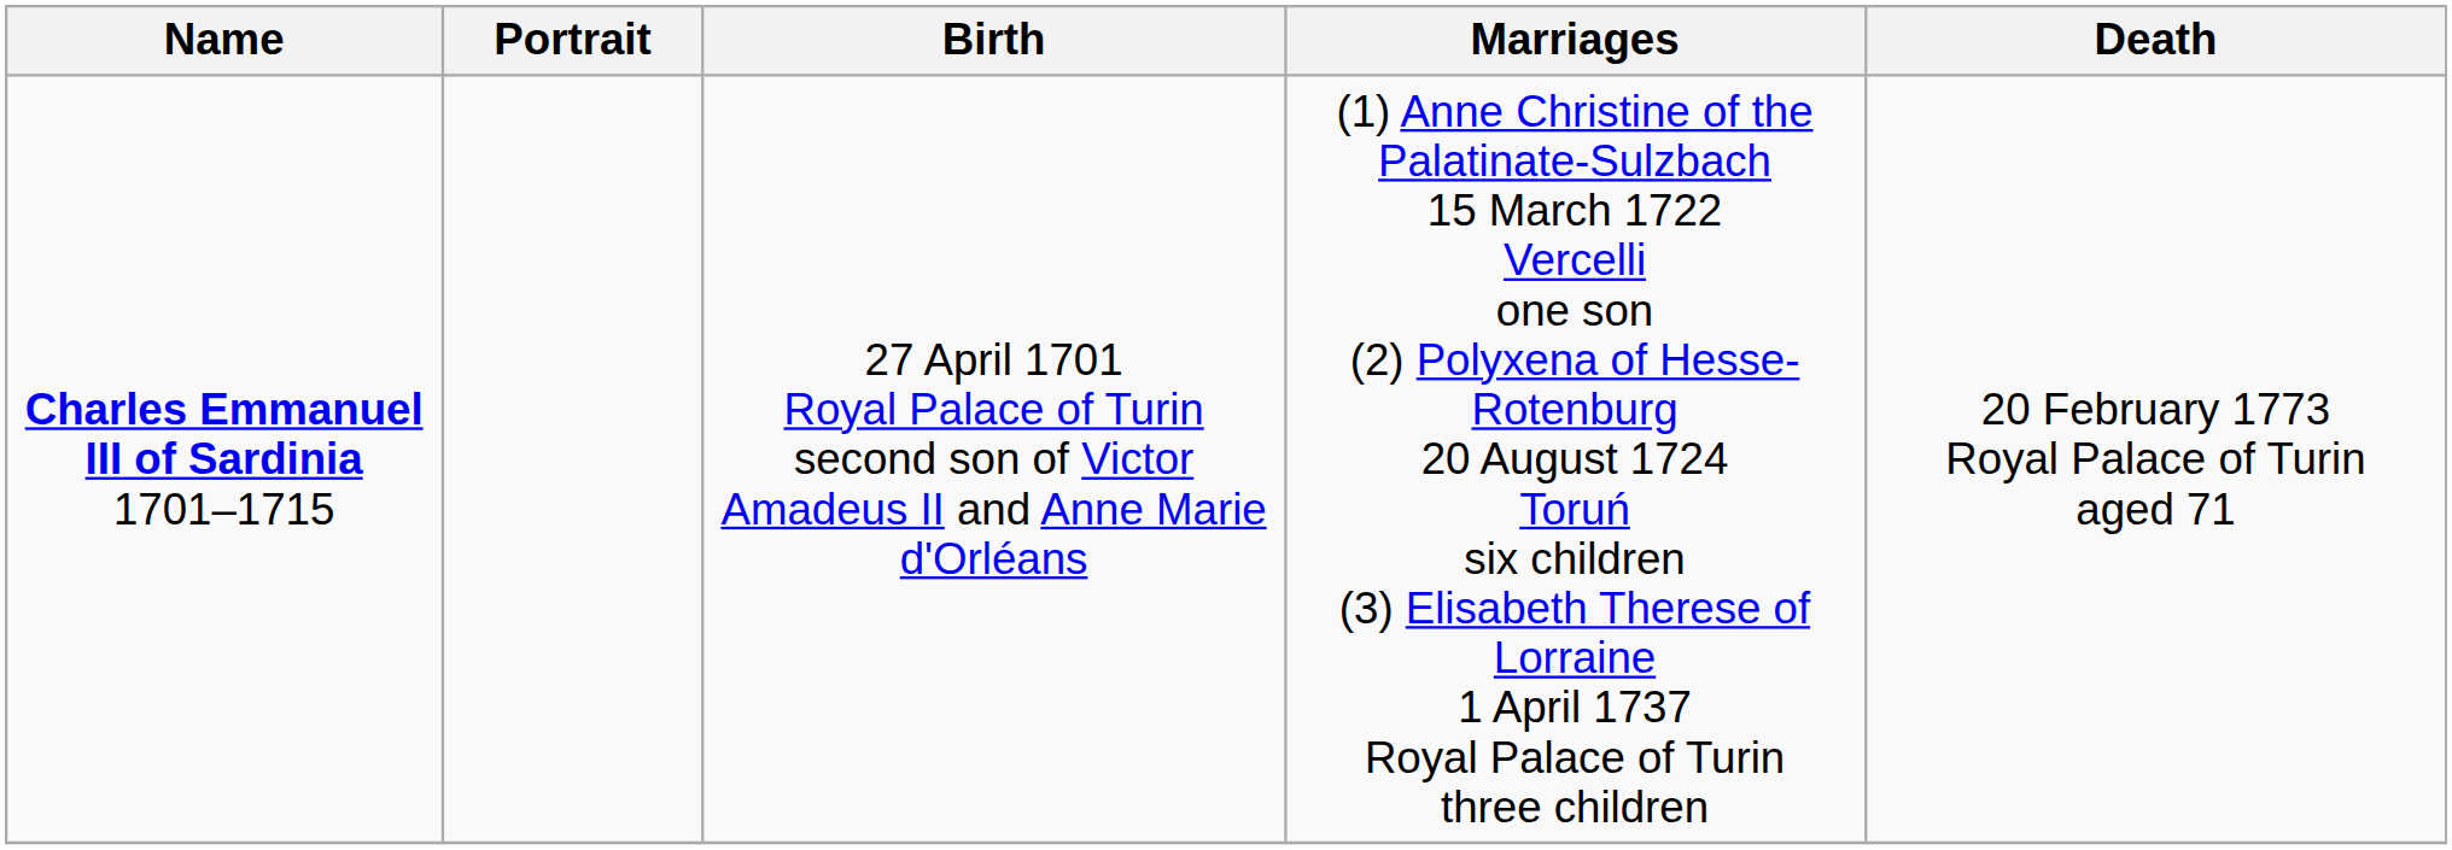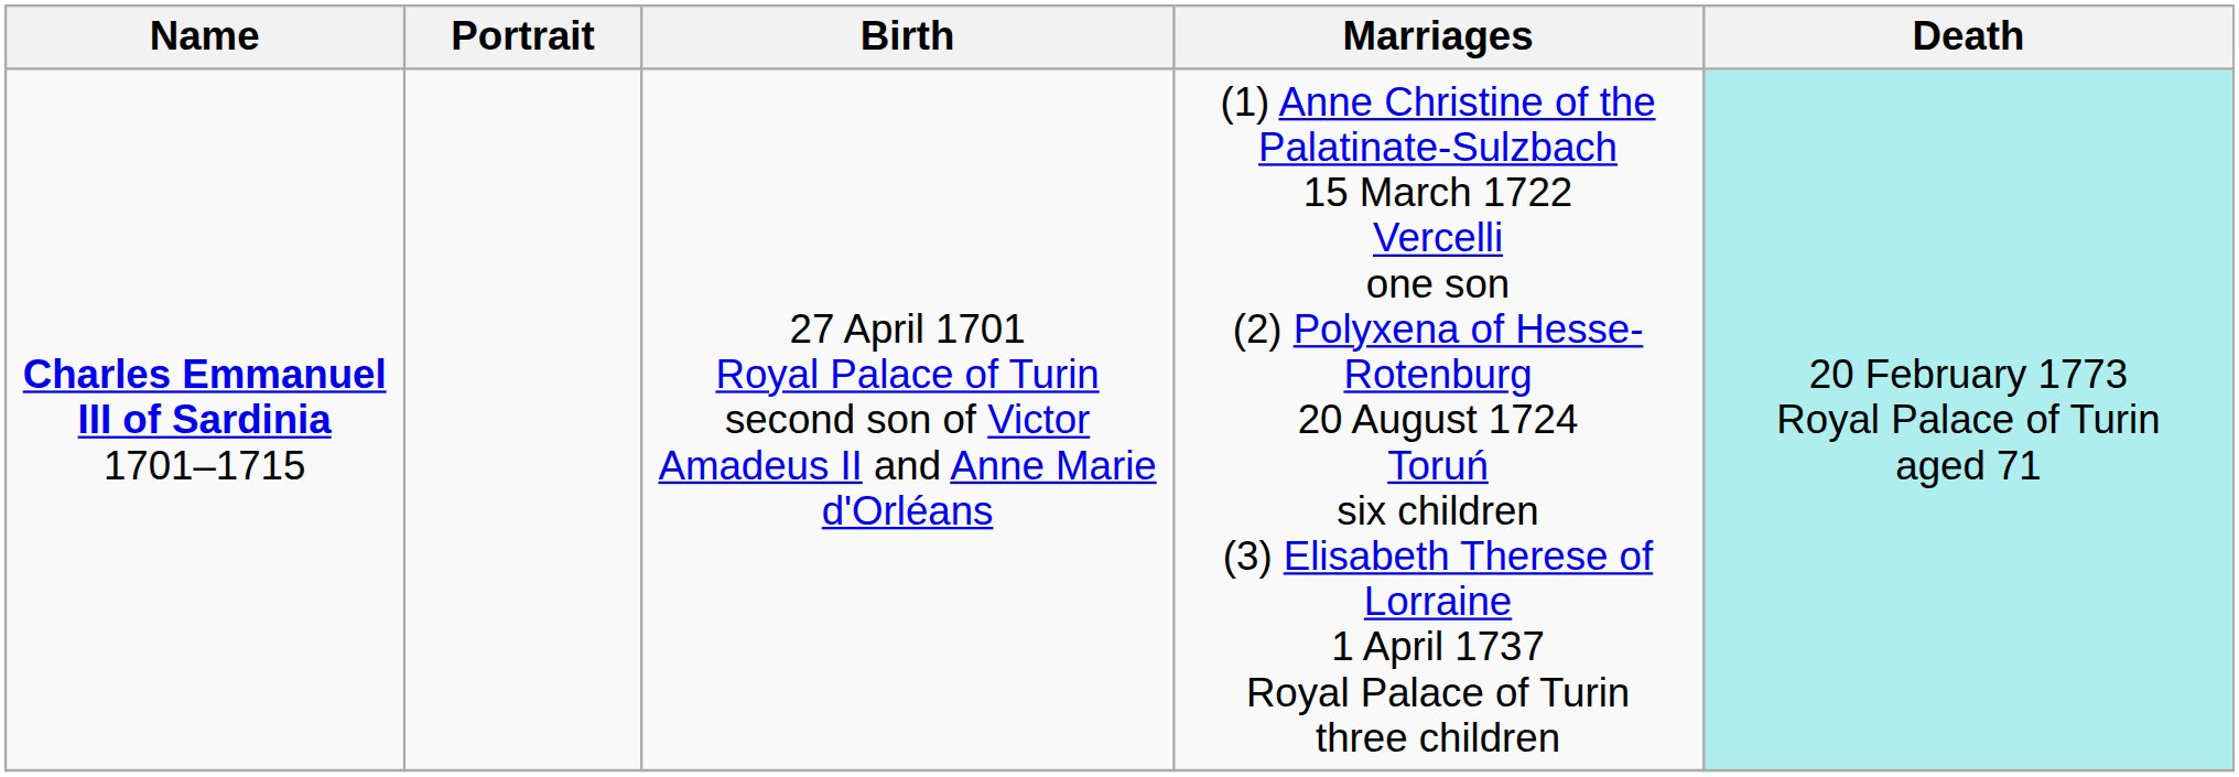 <table style="text-align:center; width:100%" class="wikitable">
 <tr>
 <th width=15%>Name</th>
 <th width=9%>Portrait</th>
 <th width=20%>Birth</th>
 <th width=20%>Marriages</th>
 <th width=20%>Death</th>
 </tr>
 <tr>
 <td width=auto><strong><a href='#'>Charles Emmanuel III of Sardinia</a></strong><br>1701–1715</td>
 <td></td>
 <td>27 April 1701<br><a href='#'>Royal Palace of Turin</a><br>second son of <a href='#'>Victor Amadeus II</a> and <a href='#'>Anne Marie d'Orléans</a></td>
 <td>(1) <a href='#'>Anne Christine of the Palatinate-Sulzbach</a><br>15 March 1722 <br><a href='#'>Vercelli</a><br>one son<br>(2) <a href='#'>Polyxena of Hesse-Rotenburg</a><br>20 August 1724<br><a href='#'>Toruń</a><br>six children<br>(3) <a href='#'>Elisabeth Therese of Lorraine</a><br>1 April 1737<br>Royal Palace of Turin<br>three children</td>
-<td>20 February 1773<br>Royal Palace of Turin<br>aged 71</td>
+<td style="background: paleturquoise;">20 February 1773<br>Royal Palace of Turin<br>aged 71</td>
 </tr>
 <tr>
 </tr>
 </table>
